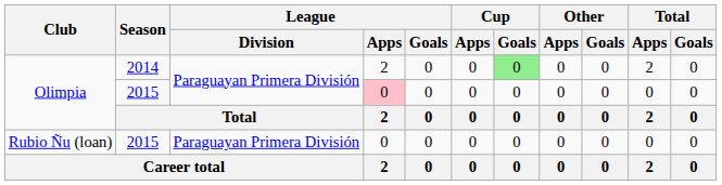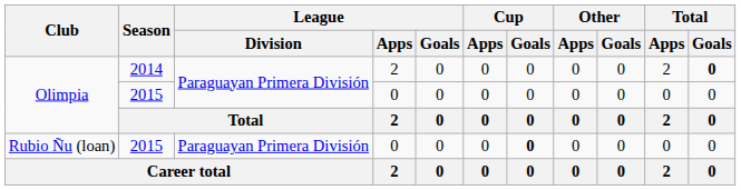 <table class="wikitable" style="text-align: center">
 <tr>
 <th rowspan="2">Club</th>
 <th rowspan="2">Season</th>
 <th colspan="3">League</th>
 <th colspan="2">Cup</th>
 <th colspan="2">Other</th>
 <th colspan="2">Total</th>
 </tr>
 <tr>
 <th>Division</th>
 <th>Apps</th>
 <th>Goals</th>
 <th>Apps</th>
 <th>Goals</th>
 <th>Apps</th>
 <th>Goals</th>
 <th>Apps</th>
 <th>Goals</th>
 </tr>
 <tr>
 <td rowspan="3"><a href='#'>Olimpia</a></td>
 <td><a href='#'>2014</a></td>
 <td rowspan="2"><a href='#'>Paraguayan Primera División</a></td>
 <td>2</td>
 <td>0</td>
 <td>0</td>
-<td style="background: lightgreen;">0</td>
+<td>0</td>
 <td>0</td>
 <td>0</td>
 <td>2</td>
-<td>0</td>
+<td><strong>0</strong></td>
 </tr>
 <tr>
 <td><a href='#'>2015</a></td>
-<td style="background: pink;">0</td>
+<td>0</td>
 <td>0</td>
 <td>0</td>
 <td>0</td>
 <td>0</td>
 <td>0</td>
 <td>0</td>
 <td>0</td>
 </tr>
 <tr>
 <th colspan="2"><strong>Total</strong></th>
 <th>2</th>
 <th>0</th>
 <th>0</th>
 <th>0</th>
 <th>0</th>
 <th>0</th>
 <th>2</th>
 <th>0</th>
 </tr>
 <tr>
 <td><a href='#'>Rubio Ñu</a> (loan)</td>
 <td><a href='#'>2015</a></td>
 <td><a href='#'>Paraguayan Primera División</a></td>
 <td>0</td>
 <td>0</td>
 <td>0</td>
-<td>0</td>
+<td><strong>0</strong></td>
 <td>0</td>
 <td>0</td>
 <td>0</td>
 <td>0</td>
 </tr>
 <tr>
 <th colspan="3"><strong>Career total</strong></th>
 <th>2</th>
 <th>0</th>
 <th>0</th>
 <th>0</th>
 <th>0</th>
 <th>0</th>
 <th>2</th>
 <th>0</th>
 </tr>
 </table>
